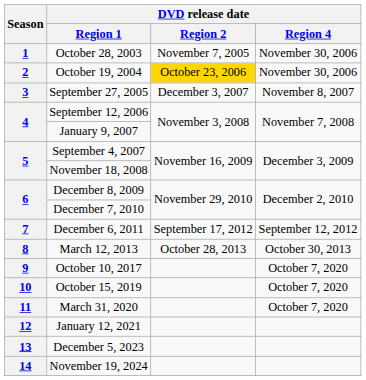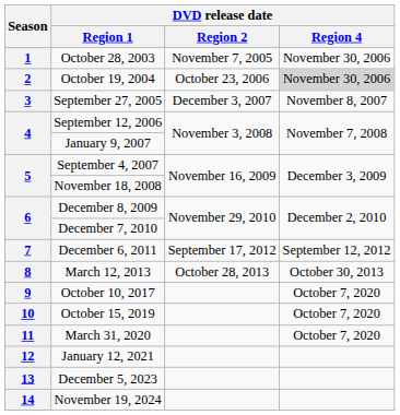 <table class="wikitable plainrowheaders" style="text-align:center;">
 <tr>
 <th rowspan="2" scope="col">Season</th>
 <th colspan="3" scope="col"><a href='#'>DVD</a> release date</th>
 </tr>
 <tr>
 <th scope="col"><a href='#'>Region 1</a></th>
 <th scope="col"><a href='#'>Region 2</a></th>
 <th scope="col"><a href='#'>Region 4</a></th>
 </tr>
 <tr>
 <th scope="row" style="text-align:center"><a href='#'>1</a></th>
 <td>October 28, 2003</td>
 <td>November 7, 2005</td>
 <td>November 30, 2006</td>
 </tr>
 <tr>
 <th scope="row" style="text-align:center"><a href='#'>2</a></th>
 <td>October 19, 2004</td>
-<td style="background: gold;">October 23, 2006</td>
-<td>November 30, 2006</td>
+<td>October 23, 2006</td>
+<td style="background: lightgrey;">November 30, 2006</td>
 </tr>
 <tr>
 <th scope="row" style="text-align:center"><a href='#'>3</a></th>
 <td>September 27, 2005</td>
 <td>December 3, 2007</td>
 <td style="padding:0 8px;">November 8, 2007</td>
 </tr>
 <tr>
 <th rowspan="2" scope="row" style="text-align:center"><a href='#'>4</a></th>
 <td>September 12, 2006</td>
 <td rowspan="2">November 3, 2008</td>
 <td rowspan="2">November 7, 2008</td>
 </tr>
 <tr>
 <td>January 9, 2007</td>
 </tr>
 <tr>
 <th rowspan="2" scope="row" style="text-align:center"><a href='#'>5</a></th>
 <td>September 4, 2007</td>
 <td rowspan="2">November 16, 2009</td>
 <td rowspan="2">December 3, 2009</td>
 </tr>
 <tr>
 <td>November 18, 2008</td>
 </tr>
 <tr>
 <th rowspan="2" scope="row" style="text-align:center"><a href='#'>6</a></th>
 <td>December 8, 2009</td>
 <td rowspan="2">November 29, 2010</td>
 <td rowspan="2">December 2, 2010</td>
 </tr>
 <tr>
 <td>December 7, 2010</td>
 </tr>
 <tr>
 <th scope="row" style="text-align:center"><a href='#'>7</a></th>
 <td>December 6, 2011</td>
 <td>September 17, 2012</td>
 <td>September 12, 2012</td>
 </tr>
 <tr>
 <th scope="row" style="text-align:center"><a href='#'>8</a></th>
 <td>March 12, 2013</td>
 <td>October 28, 2013</td>
 <td>October 30, 2013</td>
 </tr>
 <tr>
 <th scope="row" style="text-align:center"><a href='#'>9</a></th>
 <td>October 10, 2017</td>
 <td></td>
 <td>October 7, 2020</td>
 </tr>
 <tr>
 <th scope="row" style="text-align:center"><a href='#'>10</a></th>
 <td>October 15, 2019</td>
 <td></td>
 <td>October 7, 2020</td>
 </tr>
 <tr>
 <th scope="row" style="text-align:center"><a href='#'>11</a></th>
 <td>March 31, 2020</td>
 <td></td>
 <td>October 7, 2020</td>
 </tr>
 <tr>
 <th scope="row" style="text-align:center"><a href='#'>12</a></th>
 <td>January 12, 2021</td>
 <td></td>
 <td></td>
 </tr>
 <tr>
 <th scope="row" style="text-align:center"><a href='#'>13</a></th>
 <td>December 5, 2023</td>
 <td></td>
 <td></td>
 </tr>
 <tr>
 <th scope="row" style="text-align:center"><a href='#'>14</a></th>
 <td>November 19, 2024</td>
 <td></td>
 <td></td>
 </tr>
 </table>
